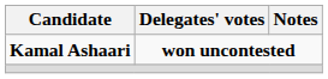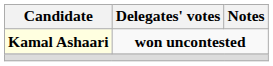 <table class="wikitable" style="text-align:center">
 <tr>
 <th>Candidate</th>
 <th>Delegates' votes</th>
 <th>Notes</th>
 </tr>
 <tr>
-<td align="left"><strong>Kamal Ashaari</strong></td>
+<td align="left" style="background: lightyellow;"><strong>Kamal Ashaari</strong></td>
 <td colspan="2"><strong>won uncontested</strong></td>
 </tr>
 <tr>
 <td colspan="3" bgcolor="dcdcdc"></td>
 </tr>
 </table>
